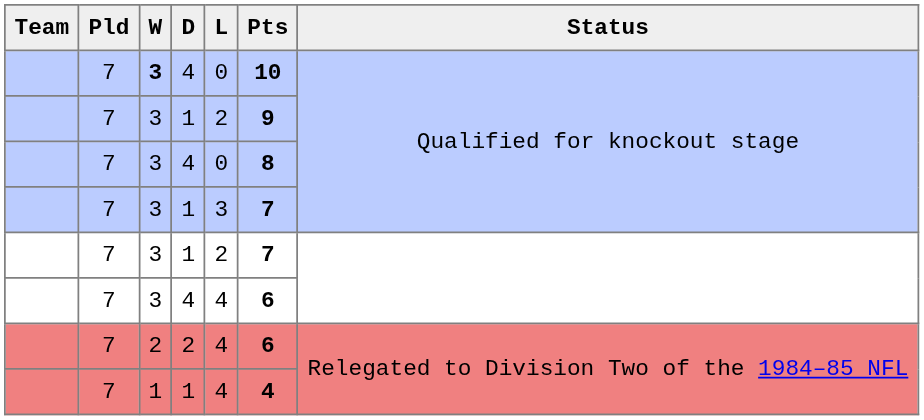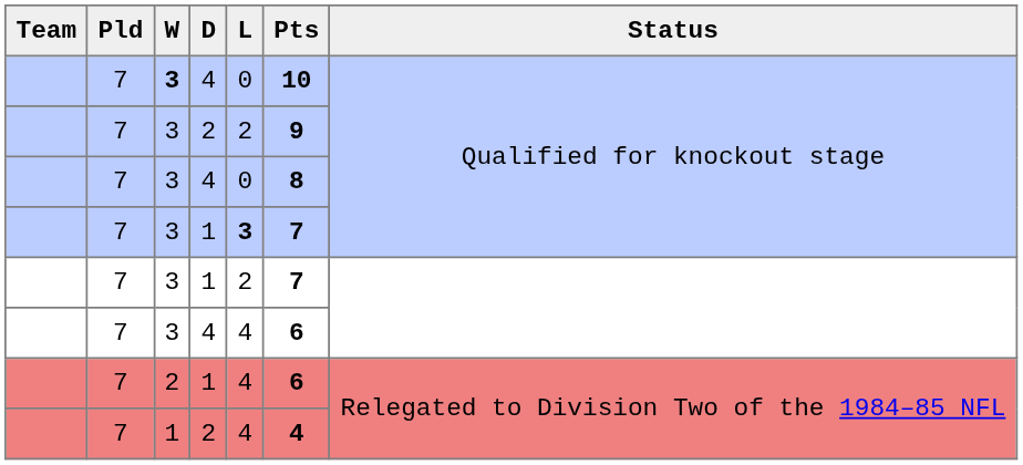 <table style=border-collapse:collapse border=1 cellspacing=0 cellpadding=5>
 <tr align=center bgcolor=#efefef>
 <th>Team</th>
 <th>Pld</th>
 <th>W</th>
 <th>D</th>
 <th>L</th>
 <th>Pts</th>
 <th>Status</th>
 </tr>
 <tr align=center style="background:#bbccff;">
 <td style="text-align:left;"> </td>
 <td>7</td>
 <td><strong>3</strong></td>
 <td>4</td>
 <td>0</td>
 <td><strong>10</strong></td>
 <td rowspan=4>Qualified for knockout stage</td>
 </tr>
 <tr align=center style="background:#bbccff;">
 <td style="text-al4gn:left;"> </td>
 <td>7</td>
 <td>3</td>
-<td>1</td>
+<td>2</td>
 <td>2</td>
 <td><strong>9</strong></td>
 </tr>
 <tr align=center style="background:#bbccff;">
 <td style="text-align:left;"> </td>
 <td>7</td>
 <td>3</td>
 <td>4</td>
 <td>0</td>
 <td><strong>8</strong></td>
 </tr>
 <tr align=center style="background:#bbccff;">
 <td style="text-align:left;"> </td>
 <td>7</td>
 <td>3</td>
 <td>1</td>
-<td>3</td>
+<td><strong>3</strong></td>
 <td><strong>7</strong></td>
 </tr>
 <tr align=center style="background:#FFFFFF;">
 <td style="text-align:left;"> </td>
 <td>7</td>
 <td>3</td>
 <td>1</td>
 <td>2</td>
 <td><strong>7</strong></td>
 <td rowspan=2></td>
 </tr>
 <tr align=center style="background:#FFFFFF;">
 <td style="text-align:left;"> </td>
 <td>7</td>
 <td>3</td>
 <td>4</td>
 <td>4</td>
 <td><strong>6</strong></td>
 </tr>
 <tr align=center style="background:#F08080;">
 <td style="text-align:left;"> </td>
 <td>7</td>
 <td>2</td>
-<td>2</td>
+<td>1</td>
 <td>4</td>
 <td><strong>6</strong></td>
 <td rowspan=2>Relegated to Division Two of the <a href='#'>1984–85 NFL</a></td>
 </tr>
 <tr align=center style="background:#F08080;">
 <td style="text-align:left;"> </td>
 <td>7</td>
 <td>1</td>
-<td>1</td>
+<td>2</td>
 <td>4</td>
 <td><strong>4</strong></td>
 </tr>
 </table>
